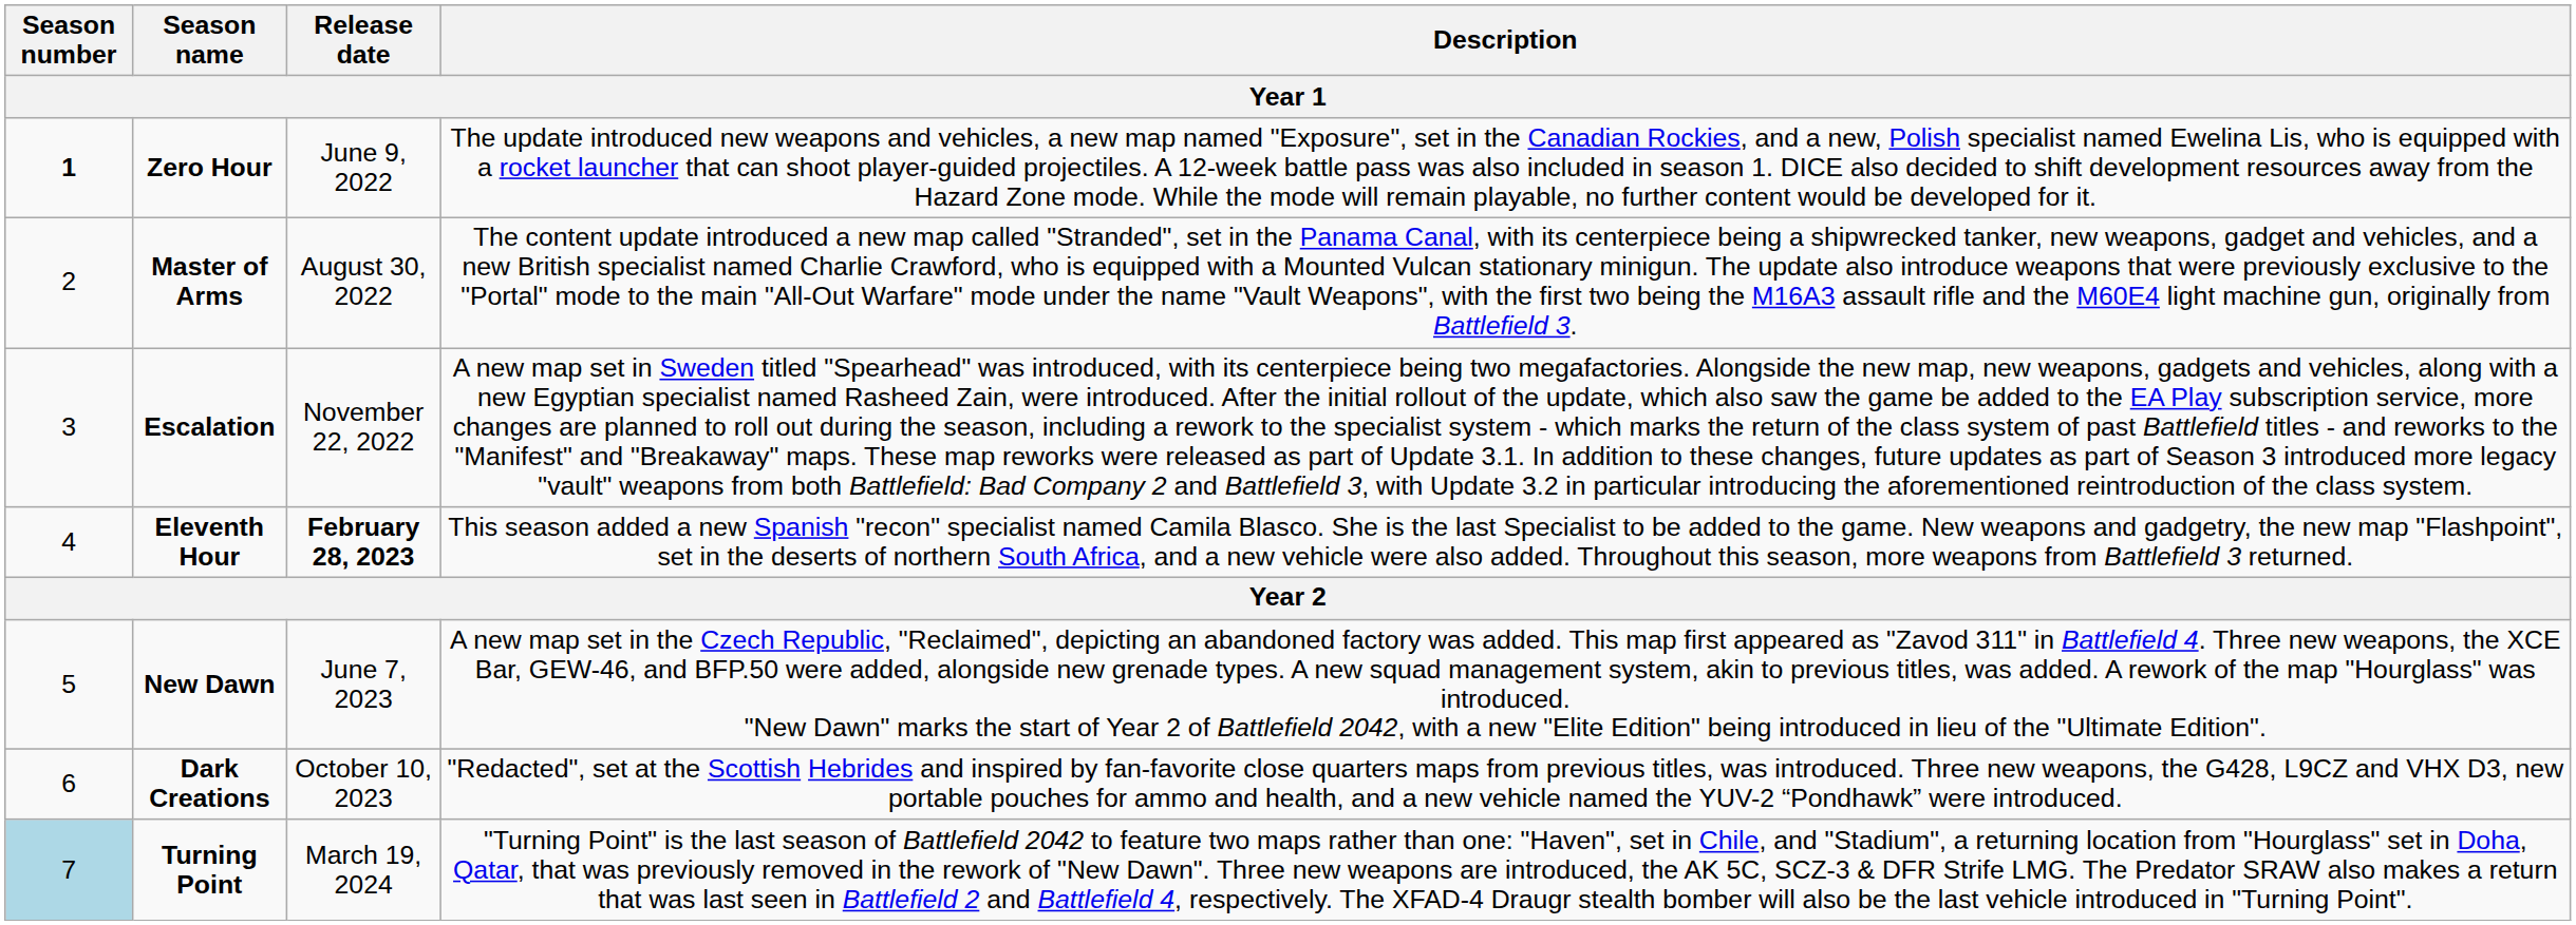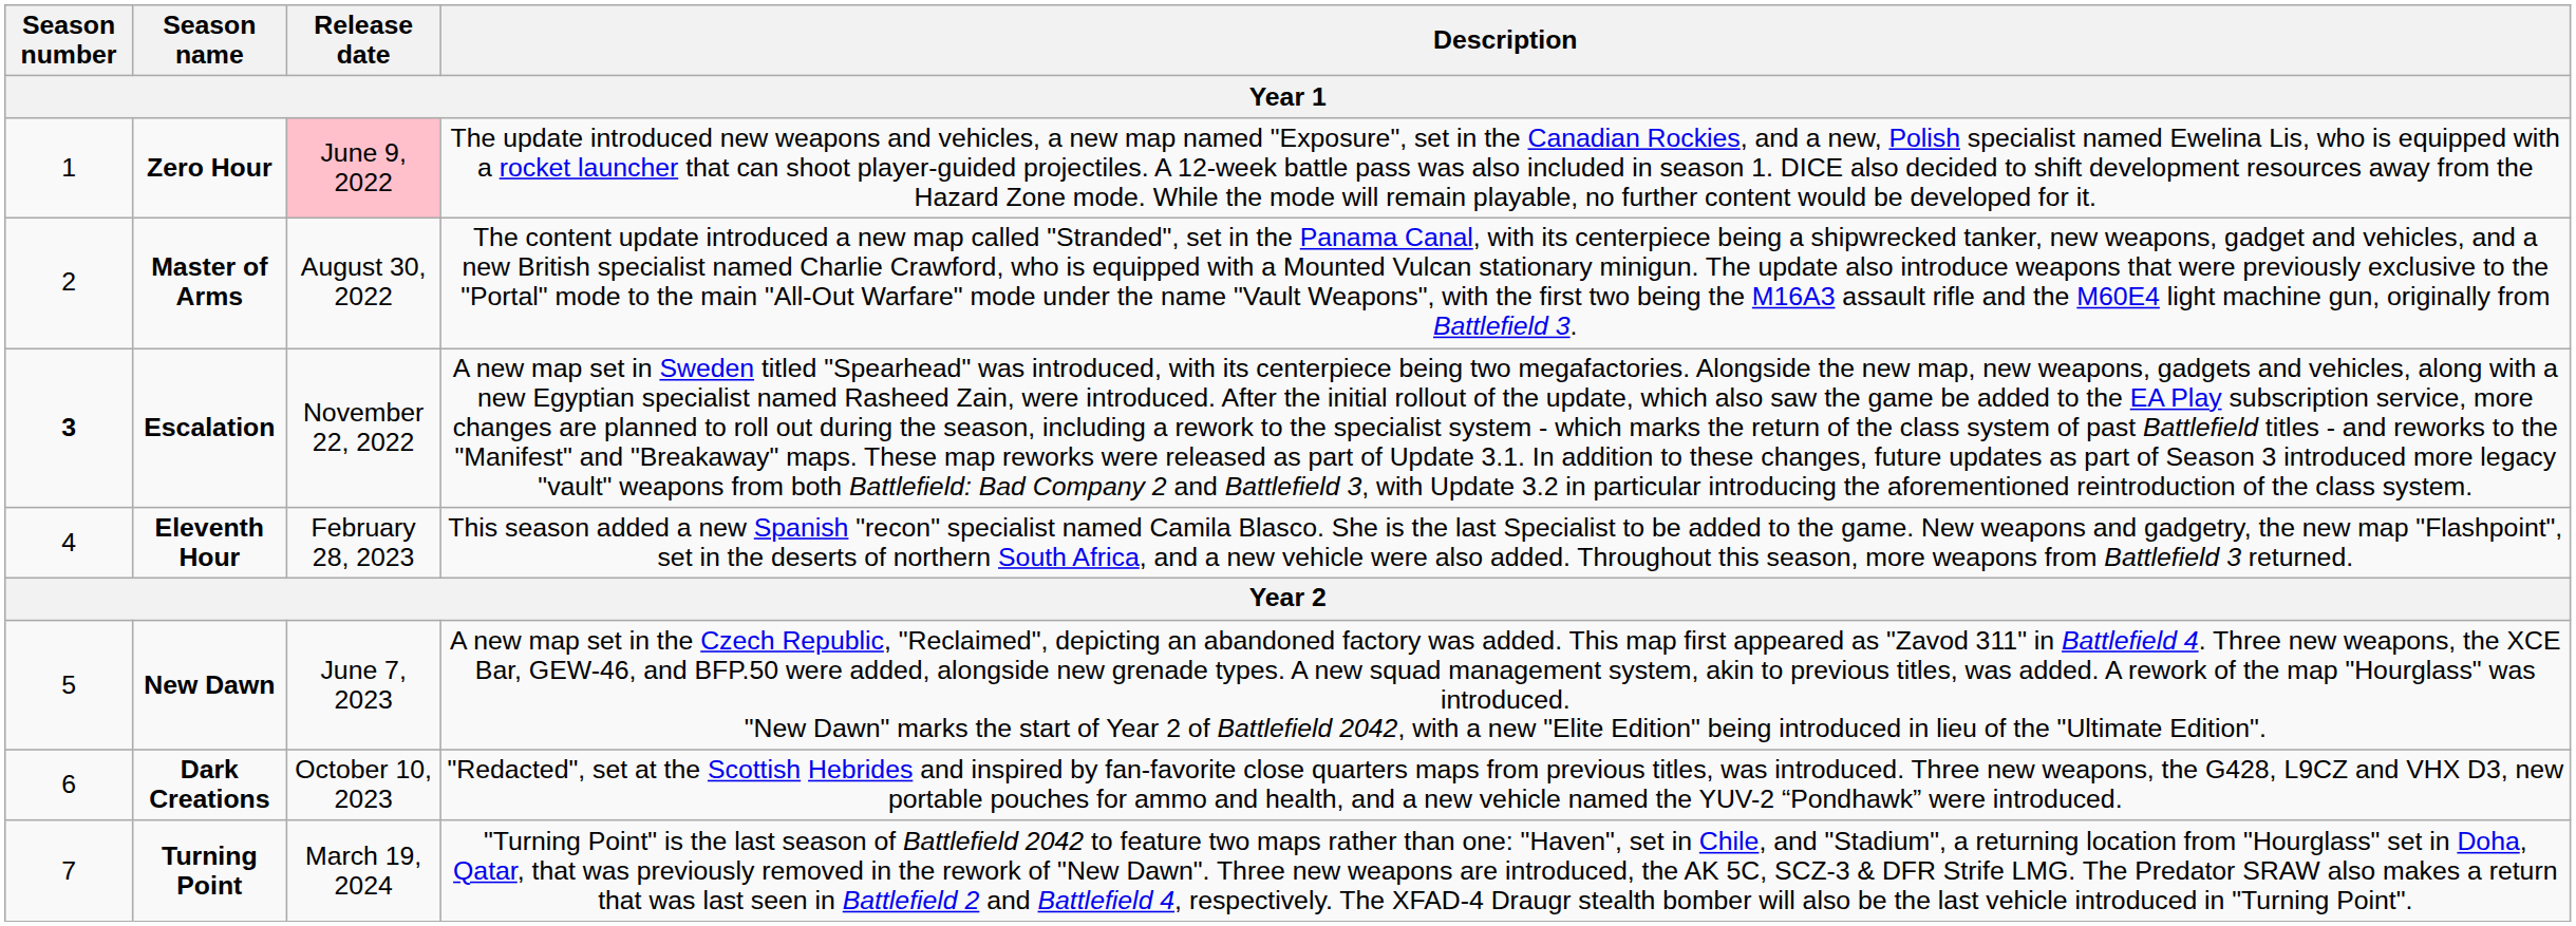 <table class="wikitable" style="text-align:center;">
 <tr>
 <th>Season number</th>
 <th>Season name</th>
 <th>Release date</th>
 <th>Description</th>
 </tr>
 <tr>
 <th colspan="4">Year 1</th>
 </tr>
 <tr>
-<td><strong>1</strong></td>
+<td>1</td>
 <td><strong>Zero Hour</strong></td>
-<td>June 9, 2022</td>
+<td style="background: pink;">June 9, 2022</td>
 <td>The update introduced new weapons and vehicles, a new map named "Exposure", set in the <a href='#'>Canadian Rockies</a>, and a new, <a href='#'>Polish</a> specialist named Ewelina Lis, who is equipped with a <a href='#'>rocket launcher</a> that can shoot player-guided projectiles. A 12-week battle pass was also included in season 1. DICE also decided to shift development resources away from the Hazard Zone mode. While the mode will remain playable, no further content would be developed for it.</td>
 </tr>
 <tr>
 <td>2</td>
 <td><strong>Master of Arms</strong></td>
 <td>August 30, 2022</td>
 <td>The content update introduced a new map called "Stranded", set in the <a href='#'>Panama Canal</a>, with its centerpiece being a shipwrecked tanker, new weapons, gadget and vehicles, and a new British specialist named Charlie Crawford, who is equipped with a Mounted Vulcan stationary minigun. The update also introduce weapons that were previously exclusive to the "Portal" mode to the main "All-Out Warfare" mode under the name "Vault Weapons", with the first two being the <a href='#'>M16A3</a> assault rifle and the <a href='#'>M60E4</a> light machine gun, originally from <em><a href='#'>Battlefield 3</a></em>.</td>
 </tr>
 <tr>
-<td>3</td>
+<td><strong>3</strong></td>
 <td><strong>Escalation</strong></td>
 <td>November 22, 2022</td>
 <td>A new map set in <a href='#'>Sweden</a> titled "Spearhead" was introduced, with its centerpiece being two megafactories. Alongside the new map, new weapons, gadgets and vehicles, along with a new Egyptian specialist named Rasheed Zain, were introduced. After the initial rollout of the update, which also saw the game be added to the <a href='#'>EA Play</a> subscription service, more changes are planned to roll out during the season, including a rework to the specialist system - which marks the return of the class system of past <em>Battlefield</em> titles - and reworks to the "Manifest" and "Breakaway" maps. These map reworks were released as part of Update 3.1. In addition to these changes, future updates as part of Season 3 introduced more legacy "vault" weapons from both <em>Battlefield: Bad Company 2</em> and <em>Battlefield 3</em>, with Update 3.2 in particular introducing the aforementioned reintroduction of the class system.</td>
 </tr>
 <tr>
 <td>4</td>
 <td><strong>Eleventh Hour</strong></td>
-<td><strong>February 28, 2023</strong></td>
+<td>February 28, 2023</td>
 <td>This season added a new <a href='#'>Spanish</a> "recon" specialist named Camila Blasco. She is the last Specialist to be added to the game. New weapons and gadgetry, the new map "Flashpoint", set in the deserts of northern <a href='#'>South Africa</a>, and a new vehicle were also added. Throughout this season, more weapons from <em>Battlefield 3</em> returned.</td>
 </tr>
 <tr>
 <th colspan="4">Year 2</th>
 </tr>
 <tr>
 <td>5</td>
 <td><strong>New Dawn</strong></td>
 <td>June 7, 2023</td>
 <td>A new map set in the <a href='#'>Czech Republic</a>, "Reclaimed", depicting an abandoned factory was added. This map first appeared as "Zavod 311" in <em><a href='#'>Battlefield 4</a></em>. Three new weapons, the XCE Bar, GEW-46, and BFP.50 were added, alongside new grenade types. A new squad management system, akin to previous titles, was added. A rework of the map "Hourglass" was introduced.<br>"New Dawn" marks the start of Year 2 of <em>Battlefield 2042</em>, with a new "Elite Edition" being introduced in lieu of the "Ultimate Edition".</td>
 </tr>
 <tr>
 <td>6</td>
 <td><strong>Dark Creations</strong></td>
 <td>October 10, 2023</td>
 <td>"Redacted", set at the <a href='#'>Scottish</a> <a href='#'>Hebrides</a> and inspired by fan-favorite close quarters maps from previous titles, was introduced. Three new weapons, the G428, L9CZ and VHX D3, new portable pouches for ammo and health, and a new vehicle named the YUV-2 “Pondhawk” were introduced.</td>
 </tr>
 <tr>
-<td style="background: lightblue;">7</td>
+<td>7</td>
 <td><strong>Turning Point</strong></td>
 <td>March 19, 2024</td>
 <td>"Turning Point" is the last season of <em>Battlefield 2042</em> to feature two maps rather than one: "Haven", set in <a href='#'>Chile</a>, and "Stadium", a returning location from "Hourglass" set in <a href='#'>Doha</a>, <a href='#'>Qatar</a>, that was previously removed in the rework of "New Dawn". Three new weapons are introduced, the AK 5C, SCZ-3 & DFR Strife LMG. The Predator SRAW also makes a return that was last seen in <em><a href='#'>Battlefield 2</a></em> and <em><a href='#'>Battlefield 4</a></em>, respectively. The XFAD-4 Draugr stealth bomber will also be the last vehicle introduced in "Turning Point".</td>
 </tr>
 </table>
